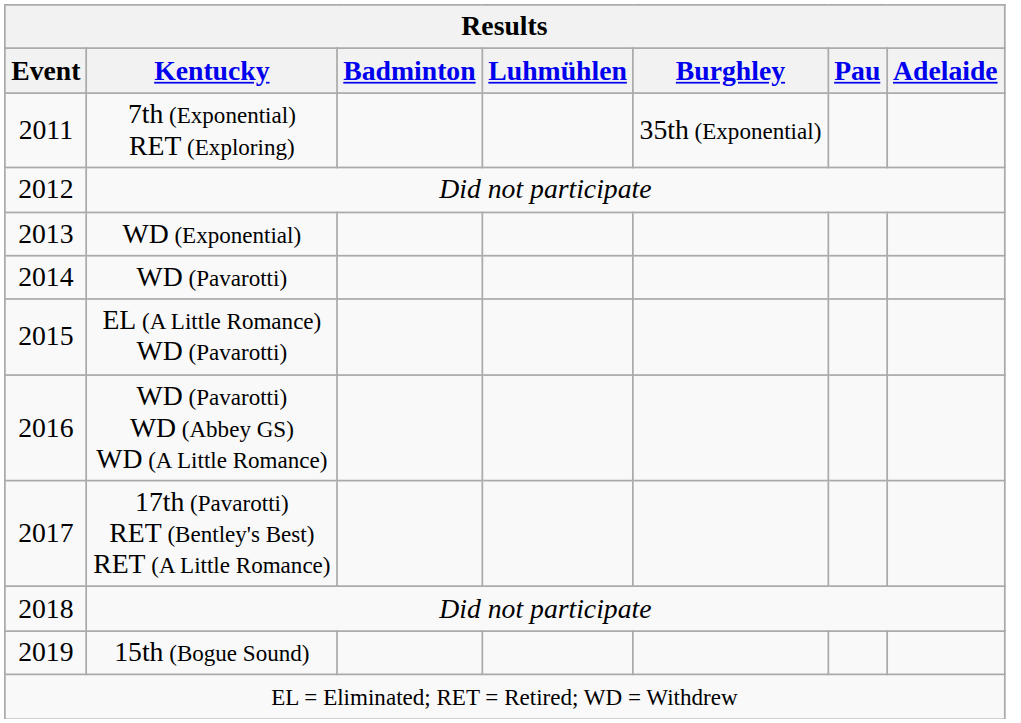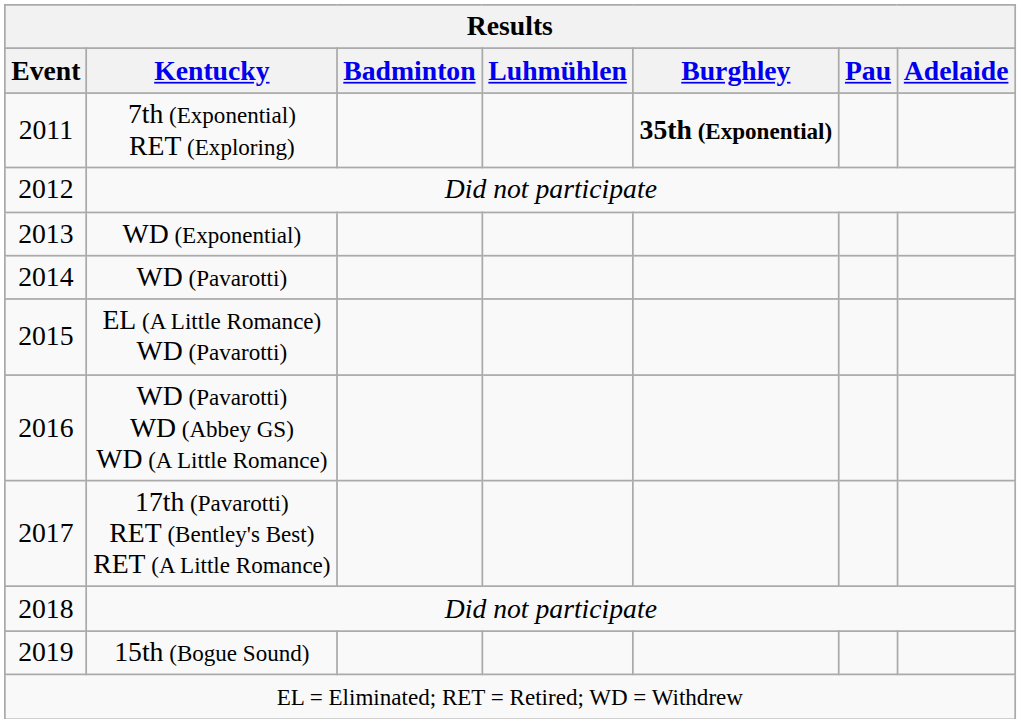 <table class="wikitable" style="text-align:center">
 <tr>
 <th colspan=13 align=center><strong>Results</strong></th>
 </tr>
 <tr>
 <th>Event</th>
 <th><a href='#'>Kentucky</a></th>
 <th><a href='#'>Badminton</a></th>
 <th><a href='#'>Luhmühlen</a></th>
 <th><a href='#'>Burghley</a></th>
 <th><a href='#'>Pau</a></th>
 <th><a href='#'>Adelaide</a></th>
 </tr>
 <tr>
 <td>2011</td>
 <td>7th<small> (Exponential)</small><br>RET<small> (Exploring)</small></td>
 <td></td>
 <td></td>
-<td>35th<small> (Exponential)</small></td>
+<td><strong>35th<small> (Exponential)</small></strong></td>
 <td></td>
 <td></td>
 </tr>
 <tr>
 <td>2012</td>
 <td colspan="6"><em>Did not participate</em></td>
 </tr>
 <tr>
 <td>2013</td>
 <td>WD<small> (Exponential)</small></td>
 <td></td>
 <td></td>
 <td></td>
 <td></td>
 <td></td>
 </tr>
 <tr>
 <td>2014</td>
 <td>WD<small> (Pavarotti)</small></td>
 <td></td>
 <td></td>
 <td></td>
 <td></td>
 <td></td>
 </tr>
 <tr>
 <td>2015</td>
 <td>EL<small> (A Little Romance)</small><br>WD<small> (Pavarotti)</small></td>
 <td></td>
 <td></td>
 <td></td>
 <td></td>
 <td></td>
 </tr>
 <tr>
 <td>2016</td>
 <td>WD<small> (Pavarotti)</small><br>WD<small> (Abbey GS)</small><br>WD<small> (A Little Romance)</small></td>
 <td></td>
 <td></td>
 <td></td>
 <td></td>
 <td></td>
 </tr>
 <tr>
 <td>2017</td>
 <td>17th<small> (Pavarotti)</small><br>RET<small> (Bentley's Best)</small><br>RET<small> (A Little Romance)</small></td>
 <td></td>
 <td></td>
 <td></td>
 <td></td>
 <td></td>
 </tr>
 <tr>
 <td>2018</td>
 <td colspan="6"><em>Did not participate</em></td>
 </tr>
 <tr>
 <td>2019</td>
 <td>15th<small> (Bogue Sound)</small></td>
 <td></td>
 <td></td>
 <td></td>
 <td></td>
 <td></td>
 </tr>
 <tr>
 <td colspan=13 align=center><small> EL = Eliminated; RET = Retired; WD = Withdrew </small></td>
 </tr>
 </table>
